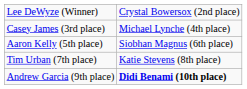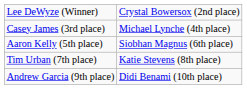 <table class="wikitable" align="center">
 <tr>
 <td><a href='#'>Lee DeWyze</a> (Winner)</td>
 <td><a href='#'>Crystal Bowersox</a> (2nd place)</td>
 </tr>
 <tr>
 <td><a href='#'>Casey James</a> (3rd place)</td>
 <td><a href='#'>Michael Lynche</a> (4th place)</td>
 </tr>
 <tr>
 <td><a href='#'>Aaron Kelly</a> (5th place)</td>
 <td><a href='#'>Siobhan Magnus</a> (6th place)</td>
 </tr>
 <tr>
 <td><a href='#'>Tim Urban</a> (7th place)</td>
 <td><a href='#'>Katie Stevens</a> (8th place)</td>
 </tr>
 <tr>
 <td><a href='#'>Andrew Garcia</a> (9th place)</td>
-<td><strong><a href='#'>Didi Benami</a> (10th place)</strong></td>
+<td><a href='#'>Didi Benami</a> (10th place)</td>
 </tr>
 </table>
